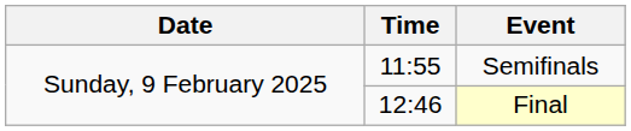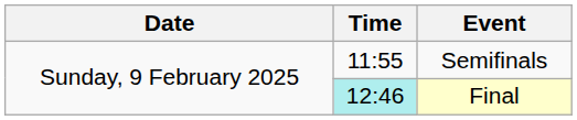 <table class = "wikitable" style="text-align:center;">
 <tr>
 <th width=220>Date</th>
 <th width=50>Time</th>
 <th width=100>Event</th>
 </tr>
 <tr>
 <td rowspan=2>Sunday, 9 February 2025</td>
 <td>11:55</td>
 <td>Semifinals</td>
 </tr>
 <tr>
-<td>12:46</td>
+<td style="background: paleturquoise;">12:46</td>
 <td bgcolor="ffffcc">Final</td>
 </tr>
 </table>
